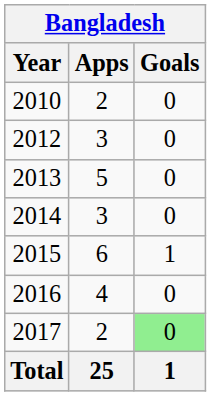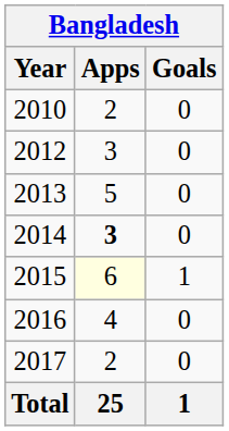 <table class="wikitable" style="text-align:center">
 <tr>
 <th colspan=3><a href='#'>Bangladesh</a></th>
 </tr>
 <tr>
 <th>Year</th>
 <th>Apps</th>
 <th>Goals</th>
 </tr>
 <tr>
 <td>2010</td>
 <td>2</td>
 <td>0</td>
 </tr>
 <tr>
 <td>2012</td>
 <td>3</td>
 <td>0</td>
 </tr>
 <tr>
 <td>2013</td>
 <td>5</td>
 <td>0</td>
 </tr>
 <tr>
 <td>2014</td>
-<td>3</td>
+<td><strong>3</strong></td>
 <td>0</td>
 </tr>
 <tr>
 <td>2015</td>
-<td>6</td>
+<td style="background: lightyellow;">6</td>
 <td>1</td>
 </tr>
 <tr>
 <td>2016</td>
 <td>4</td>
 <td>0</td>
 </tr>
 <tr>
 <td>2017</td>
 <td>2</td>
-<td style="background: lightgreen;">0</td>
+<td>0</td>
 </tr>
 <tr>
 <th>Total</th>
 <th>25</th>
 <th>1</th>
 </tr>
 </table>
